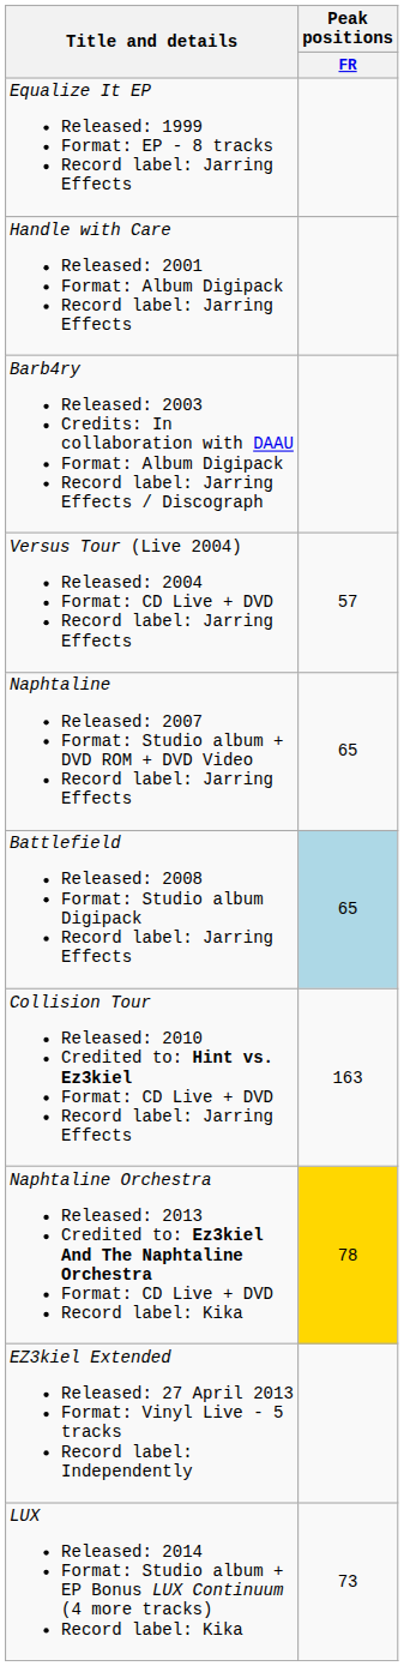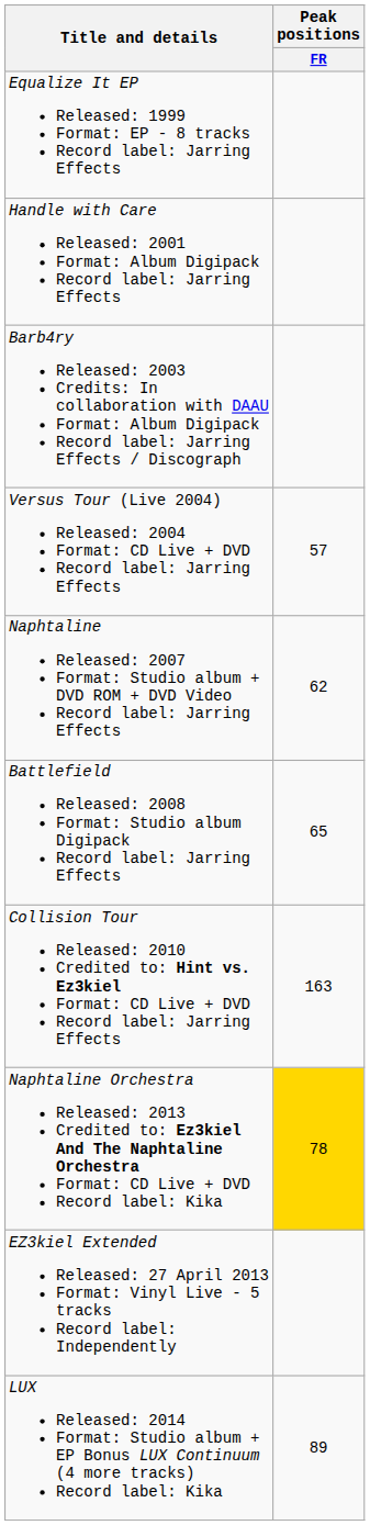 <table class="wikitable">
 <tr>
 <th align="center" rowspan="2" width="220">Title and details</th>
 <th align="center" colspan="1" width="20">Peak positions</th>
 </tr>
 <tr>
 <th scope="col" style="width:3em;font-size:90%;"><a href='#'>FR</a><br></th>
 </tr>
 <tr>
 <td><em>Equalize It EP</em><br><ul><li>Released: 1999</li><li>Format: EP - 8 tracks</li><li>Record label: Jarring Effects</li></ul></td>
 <td style="text-align:center;"></td>
 </tr>
 <tr>
 <td><em>Handle with Care</em><br><ul><li>Released: 2001</li><li>Format: Album Digipack</li><li>Record label: Jarring Effects</li></ul></td>
 <td style="text-align:center;"></td>
 </tr>
 <tr>
 <td><em>Barb4ry</em><br><ul><li>Released: 2003</li><li>Credits: In collaboration with <a href='#'>DAAU</a></li><li>Format: Album Digipack</li><li>Record label: Jarring Effects / Discograph</li></ul></td>
 <td style="text-align:center;"></td>
 </tr>
 <tr>
 <td><em>Versus Tour</em> (Live 2004)<br><ul><li>Released: 2004</li><li>Format: CD Live + DVD</li><li>Record label: Jarring Effects</li></ul></td>
 <td style="text-align:center;">57</td>
 </tr>
 <tr>
 <td><em>Naphtaline</em><br><ul><li>Released: 2007</li><li>Format: Studio album + DVD ROM + DVD Video</li><li>Record label: Jarring Effects</li></ul></td>
-<td style="text-align:center;">65</td>
+<td style="text-align:center;">62</td>
 </tr>
 <tr>
 <td><em>Battlefield</em><br><ul><li>Released: 2008</li><li>Format: Studio album Digipack</li><li>Record label: Jarring Effects</li></ul></td>
-<td style="background: lightblue; text-align:center;">65</td>
+<td style="text-align:center;">65</td>
 </tr>
 <tr>
 <td><em>Collision Tour</em><br><ul><li>Released: 2010</li><li>Credited to: <strong>Hint vs. Ez3kiel</strong></li><li>Format: CD Live + DVD</li><li>Record label: Jarring Effects</li></ul></td>
 <td style="text-align:center;">163</td>
 </tr>
 <tr>
 <td><em>Naphtaline Orchestra</em><br><ul><li>Released: 2013</li><li>Credited to: <strong>Ez3kiel And The Naphtaline Orchestra</strong></li><li>Format: CD Live + DVD</li><li>Record label: Kika</li></ul></td>
 <td style="background: gold; text-align:center;">78</td>
 </tr>
 <tr>
 <td><em>EZ3kiel Extended</em><br><ul><li>Released: 27 April 2013</li><li>Format: Vinyl Live - 5 tracks</li><li>Record label: Independently</li></ul></td>
 <td style="text-align:center;"></td>
 </tr>
 <tr>
 <td><em>LUX</em><br><ul><li>Released: 2014</li><li>Format: Studio album + EP Bonus <em>LUX Continuum</em> (4 more tracks)</li><li>Record label: Kika</li></ul></td>
-<td style="text-align:center;">73</td>
+<td style="text-align:center;">89</td>
 </tr>
 <tr>
 </tr>
 </table>
